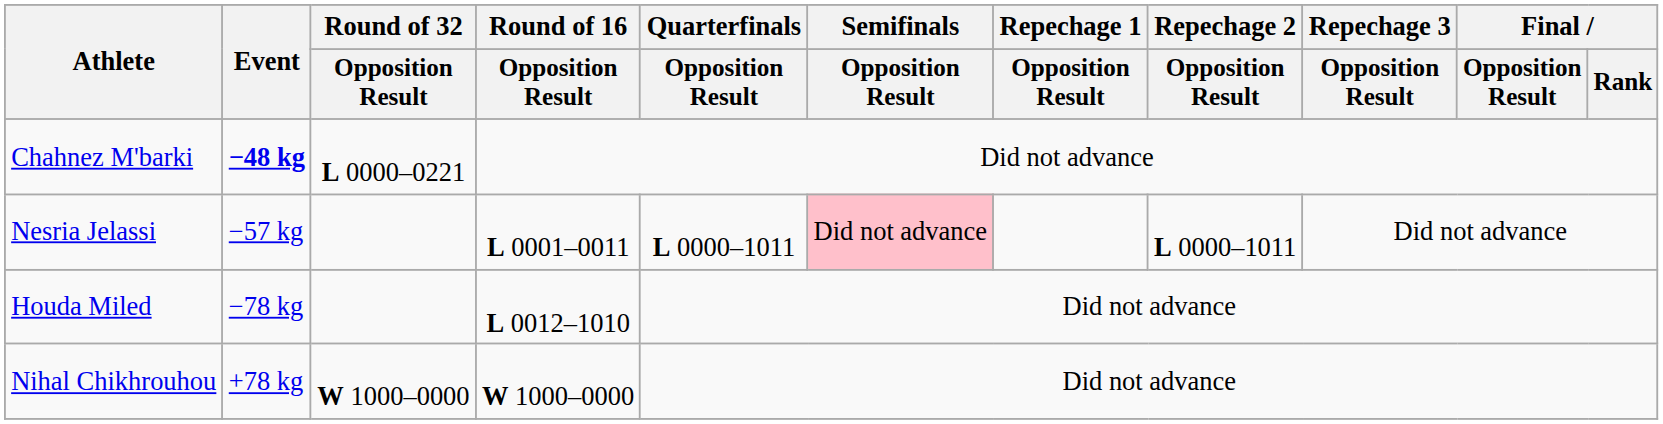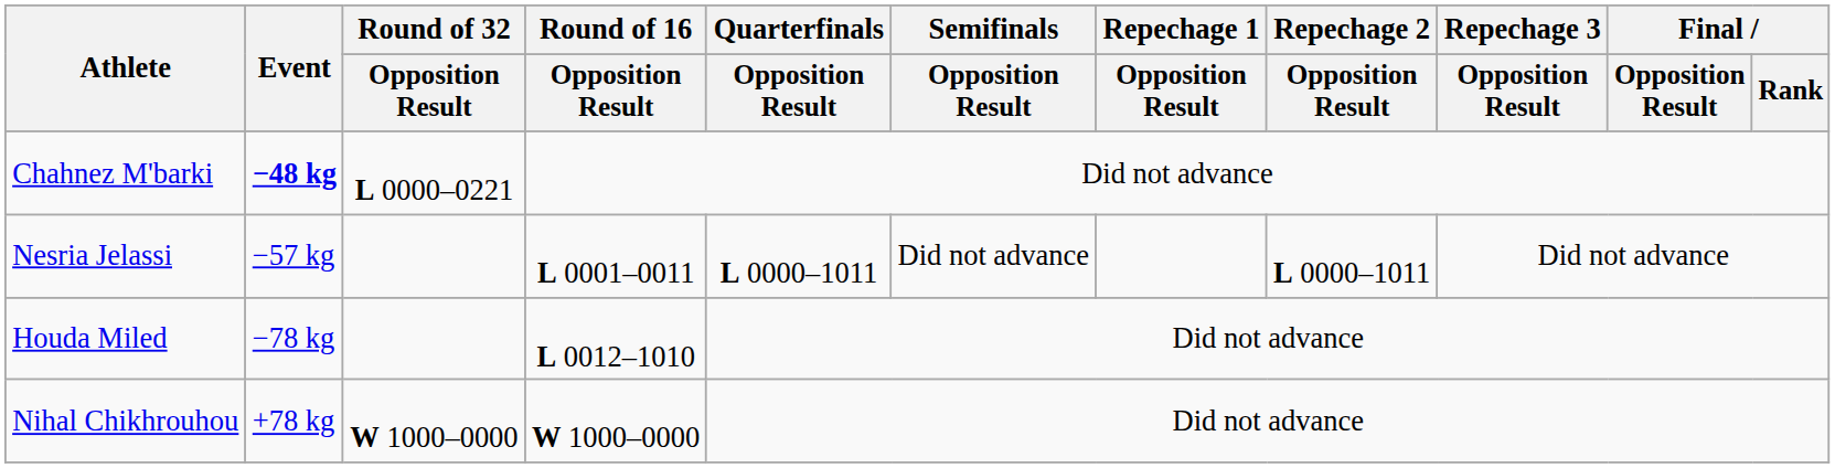 <table class="wikitable" style="font-size:90%">
 <tr>
 <th rowspan="2">Athlete</th>
 <th rowspan="2">Event</th>
 <th>Round of 32</th>
 <th>Round of 16</th>
 <th>Quarterfinals</th>
 <th>Semifinals</th>
 <th>Repechage 1</th>
 <th>Repechage 2</th>
 <th>Repechage 3</th>
 <th colspan=2>Final / </th>
 </tr>
 <tr style="font-size:95%">
 <th>Opposition<br>Result</th>
 <th>Opposition<br>Result</th>
 <th>Opposition<br>Result</th>
 <th>Opposition<br>Result</th>
 <th>Opposition<br>Result</th>
 <th>Opposition<br>Result</th>
 <th>Opposition<br>Result</th>
 <th>Opposition<br>Result</th>
 <th>Rank</th>
 </tr>
 <tr align=center>
 <td align=left><a href='#'>Chahnez M'barki</a></td>
 <td align=left><strong><a href='#'>−48 kg</a></strong></td>
 <td><br><strong>L</strong> 0000–0221</td>
 <td colspan=8>Did not advance</td>
 </tr>
 <tr align=center>
 <td align=left><a href='#'>Nesria Jelassi</a></td>
 <td align=left><a href='#'>−57 kg</a></td>
 <td></td>
 <td><br><strong>L</strong> 0001–0011</td>
 <td><br><strong>L</strong> 0000–1011</td>
-<td style="background: pink;">Did not advance</td>
+<td>Did not advance</td>
 <td></td>
 <td><br><strong>L</strong> 0000–1011</td>
 <td colspan=3>Did not advance</td>
 </tr>
 <tr align=center>
 <td align=left><a href='#'>Houda Miled</a></td>
 <td align=left><a href='#'>−78 kg</a></td>
 <td></td>
 <td><br><strong>L</strong> 0012–1010</td>
 <td colspan=7>Did not advance</td>
 </tr>
 <tr align=center>
 <td align=left><a href='#'>Nihal Chikhrouhou</a></td>
 <td align=left><a href='#'>+78 kg</a></td>
 <td><br><strong>W</strong> 1000–0000</td>
 <td><br><strong>W</strong> 1000–0000</td>
 <td colspan=7>Did not advance</td>
 </tr>
 </table>
